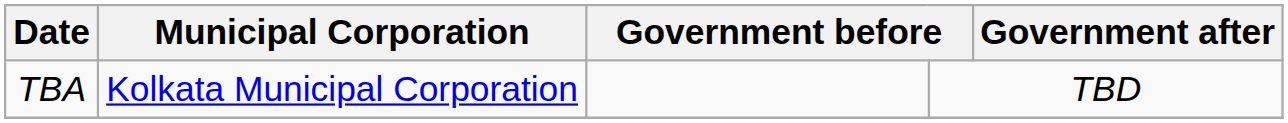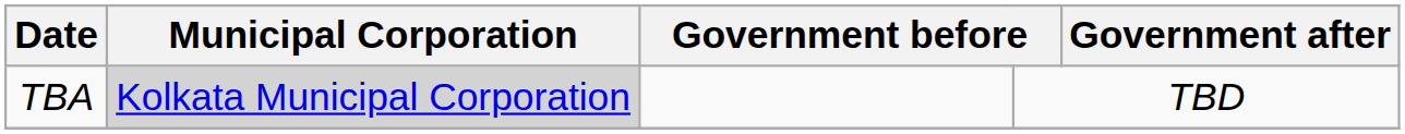 <table class="wikitable sortable" style="text-align:center;">
 <tr>
 <th>Date</th>
 <th>Municipal Corporation</th>
 <th colspan=2>Government before</th>
 <th colspan=2>Government after</th>
 </tr>
 <tr>
 <td><em>TBA</em></td>
-<td><a href='#'>Kolkata Municipal Corporation</a></td>
+<td style="background: lightgrey;"><a href='#'>Kolkata Municipal Corporation</a></td>
 <td></td>
 <td colspan=2><em>TBD</em></td>
 </tr>
 <tr>
 </tr>
 </table>
